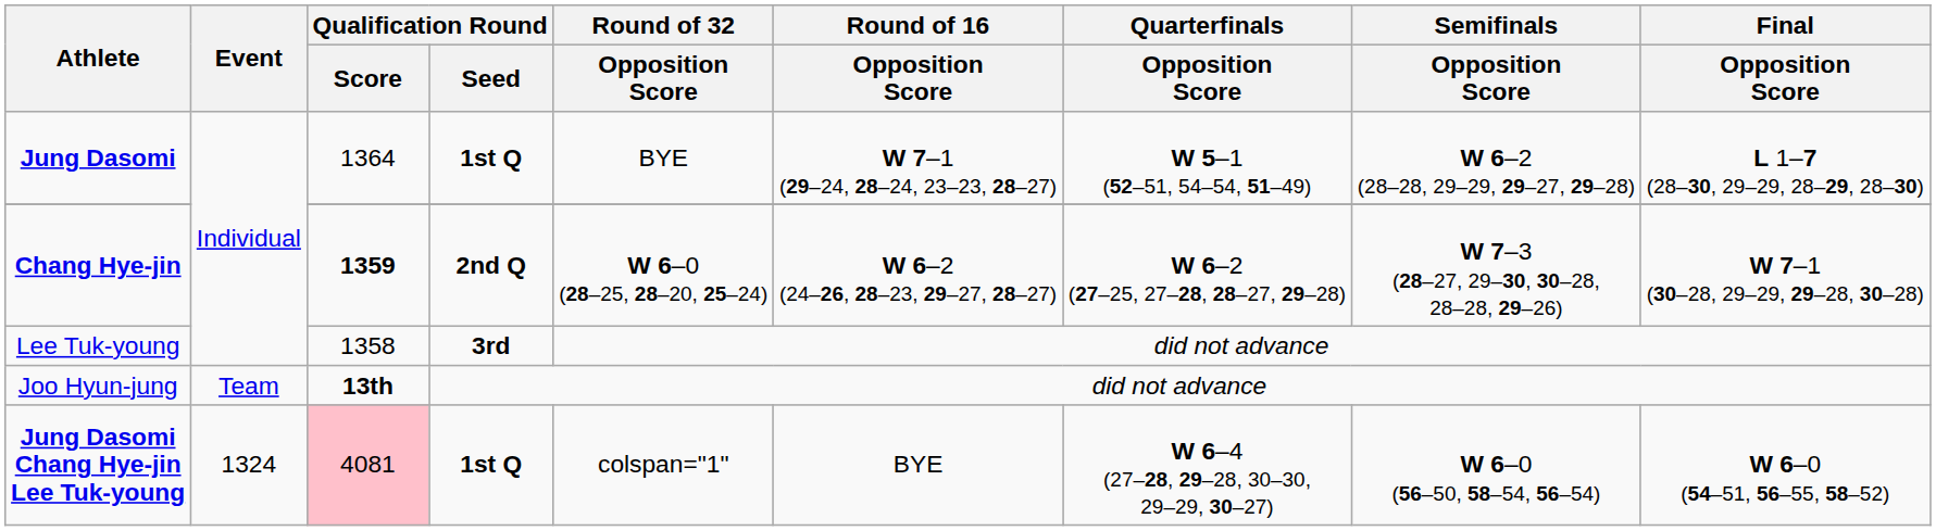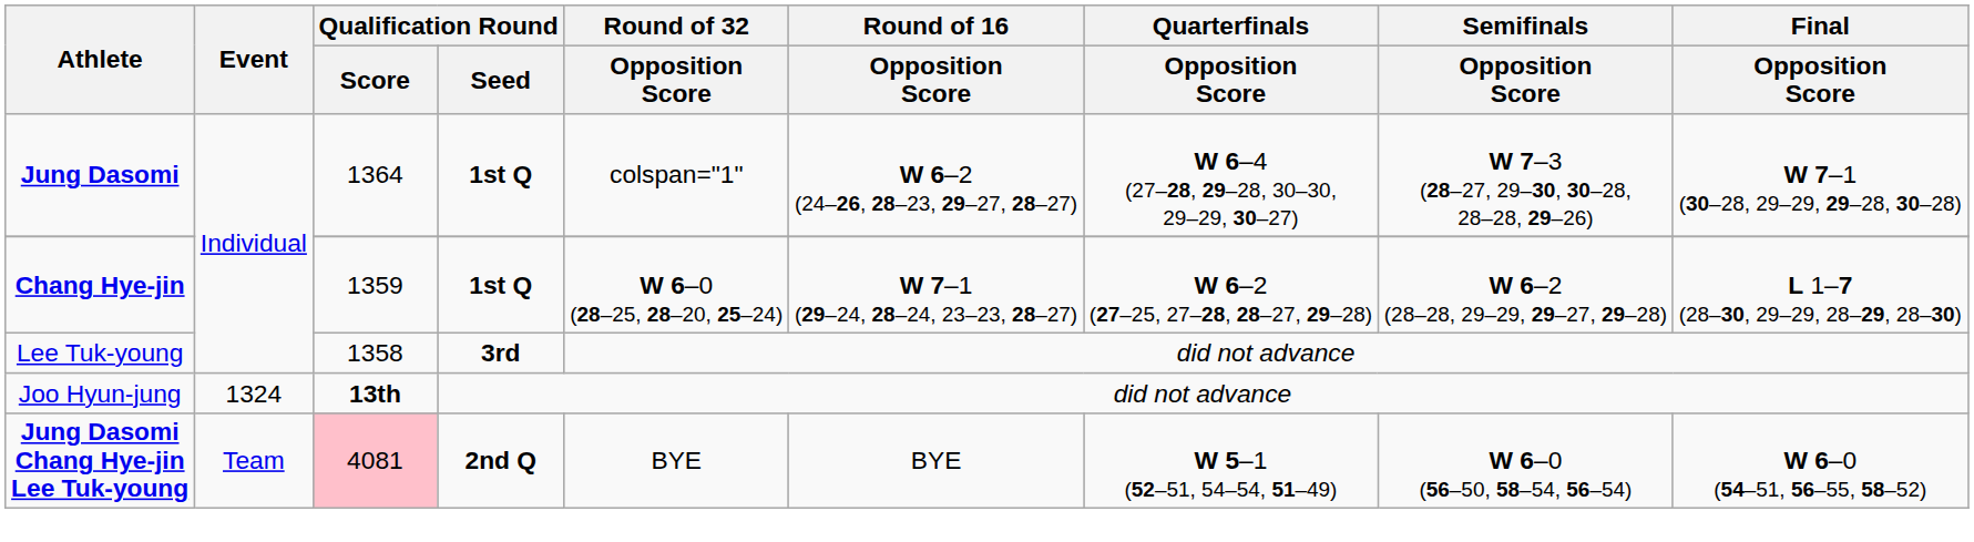 <table class="wikitable" style="font-size:90%; text-align:center;">
 <tr>
 <th rowspan="2">Athlete</th>
 <th rowspan="2">Event</th>
 <th colspan="2">Qualification Round</th>
 <th>Round of 32</th>
 <th>Round of 16</th>
 <th>Quarterfinals</th>
 <th>Semifinals</th>
 <th>Final</th>
 </tr>
 <tr>
 <th>Score</th>
 <th>Seed</th>
 <th>Opposition<br>Score</th>
 <th>Opposition<br>Score</th>
 <th>Opposition<br>Score</th>
 <th>Opposition<br>Score</th>
 <th>Opposition<br>Score</th>
 </tr>
 <tr>
 <td><strong><a href='#'>Jung Dasomi</a></strong></td>
 <td rowspan=4><a href='#'>Individual</a></td>
 <td align=center>1364</td>
 <td align=center><strong>1st Q</strong></td>
-<td align=center>BYE</td>
-<td align=center><br><strong>W</strong> <strong>7</strong>–1<br><small>(<strong>29</strong>–24, <strong>28</strong>–24, 23–23, <strong>28</strong>–27)</small></td>
-<td align=center><br><strong>W</strong> <strong>5</strong>–1<br><small>(<strong>52</strong>–51, 54–54, <strong>51</strong>–49)</small></td>
-<td align=center><br><strong>W</strong> <strong>6</strong>–2<br><small>(28–28, 29–29, <strong>29</strong>–27, <strong>29</strong>–28)</small></td>
-<td align=center><br><strong>L</strong> 1–<strong>7</strong><br><small>(28–<strong>30</strong>, 29–29, 28–<strong>29</strong>, 28–<strong>30</strong>)</small><br></td>
+<td>colspan="1" </td>
+<td align=center><br><strong>W</strong> <strong>6</strong>–2<br><small>(24–<strong>26</strong>, <strong>28</strong>–23, <strong>29</strong>–27, <strong>28</strong>–27)</small></td>
+<td align=center><br><strong>W</strong> <strong>6</strong>–4<br><small>(27–<strong>28</strong>, <strong>29</strong>–28, 30–30,<br>29–29, <strong>30</strong>–27)</small></td>
+<td align=center><br><strong>W</strong> <strong>7</strong>–3<br><small>(<strong>28</strong>–27, 29–<strong>30</strong>, <strong>30</strong>–28,<br>28–28, <strong>29</strong>–26)</small></td>
+<td align=center><br><strong>W</strong> <strong>7</strong>–1<br><small>(<strong>30</strong>–28, 29–29, <strong>29</strong>–28, <strong>30</strong>–28)</small><br></td>
 </tr>
 <tr>
 </tr>
 <tr>
 <td><strong><a href='#'>Chang Hye-jin</a></strong></td>
-<td align=center><strong>1359</strong></td>
-<td align=center><strong>2nd Q</strong></td>
+<td align=center>1359</td>
+<td align=center><strong>1st Q</strong></td>
 <td align=center><br><strong>W</strong> <strong>6</strong>–0<br><small>(<strong>28</strong>–25, <strong>28</strong>–20, <strong>25</strong>–24)</small></td>
-<td align=center><br><strong>W</strong> <strong>6</strong>–2<br><small>(24–<strong>26</strong>, <strong>28</strong>–23, <strong>29</strong>–27, <strong>28</strong>–27)</small></td>
+<td align=center><br><strong>W</strong> <strong>7</strong>–1<br><small>(<strong>29</strong>–24, <strong>28</strong>–24, 23–23, <strong>28</strong>–27)</small></td>
 <td align=center><br><strong>W</strong> <strong>6</strong>–2<br><small>(<strong>27</strong>–25, 27–<strong>28</strong>, <strong>28</strong>–27, <strong>29</strong>–28)</small></td>
-<td align=center><br><strong>W</strong> <strong>7</strong>–3<br><small>(<strong>28</strong>–27, 29–<strong>30</strong>, <strong>30</strong>–28,<br>28–28, <strong>29</strong>–26)</small></td>
-<td align=center><br><strong>W</strong> <strong>7</strong>–1<br><small>(<strong>30</strong>–28, 29–29, <strong>29</strong>–28, <strong>30</strong>–28)</small><br></td>
+<td align=center><br><strong>W</strong> <strong>6</strong>–2<br><small>(28–28, 29–29, <strong>29</strong>–27, <strong>29</strong>–28)</small></td>
+<td align=center><br><strong>L</strong> 1–<strong>7</strong><br><small>(28–<strong>30</strong>, 29–29, 28–<strong>29</strong>, 28–<strong>30</strong>)</small><br></td>
 </tr>
 <tr>
 <td><a href='#'>Lee Tuk-young</a></td>
 <td align=center>1358</td>
 <td align=center><strong>3rd</strong></td>
 <td align=center colspan="7"><em>did not advance</em></td>
 </tr>
 <tr>
 <td><a href='#'>Joo Hyun-jung</a></td>
-<td align=center><a href='#'>Team</a></td>
+<td align=center>1324</td>
 <td align=center><strong>13th</strong></td>
 <td align=center colspan="7"><em>did not advance</em></td>
 </tr>
 <tr>
 <td><strong><a href='#'>Jung Dasomi</a><br><a href='#'>Chang Hye-jin</a><br><a href='#'>Lee Tuk-young</a></strong></td>
-<td align=center>1324</td>
+<td align=center><a href='#'>Team</a></td>
 <td align=center style="background: pink;">4081</td>
-<td align=center><strong>1st Q</strong></td>
-<td>colspan="1" </td>
+<td align=center><strong>2nd Q</strong></td>
 <td align=center>BYE</td>
-<td align=center><br><strong>W</strong> <strong>6</strong>–4<br><small>(27–<strong>28</strong>, <strong>29</strong>–28, 30–30,<br>29–29, <strong>30</strong>–27)</small></td>
+<td align=center>BYE</td>
+<td align=center><br><strong>W</strong> <strong>5</strong>–1<br><small>(<strong>52</strong>–51, 54–54, <strong>51</strong>–49)</small></td>
 <td align=center><br><strong>W</strong> <strong>6</strong>–0<br><small>(<strong>56</strong>–50, <strong>58</strong>–54, <strong>56</strong>–54)</small></td>
 <td align=center><br><strong>W</strong> <strong>6</strong>–0<br><small>(<strong>54</strong>–51, <strong>56</strong>–55, <strong>58</strong>–52)</small><br></td>
 </tr>
 </table>
